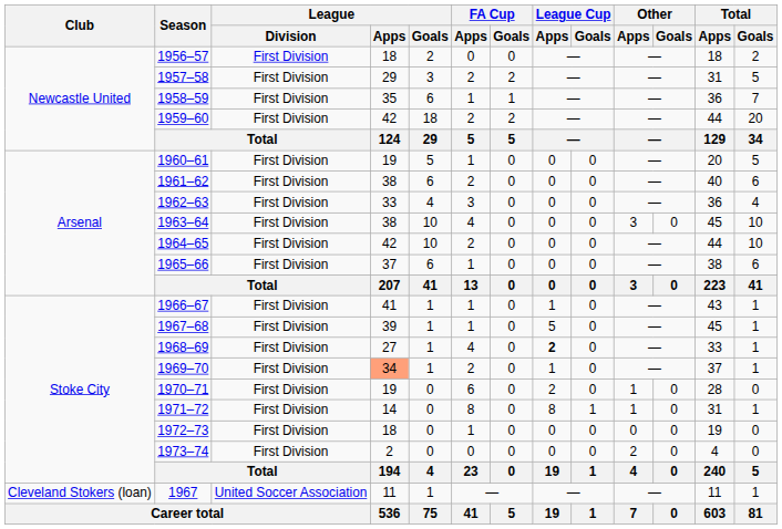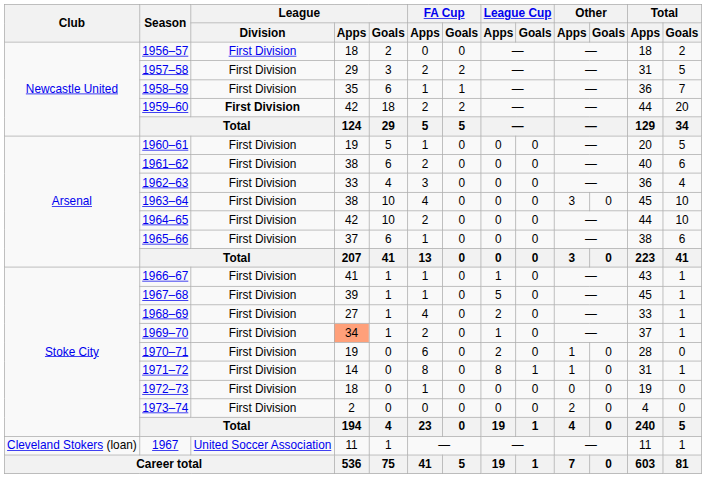 <table class="wikitable" style="text-align:center">
 <tr>
 <th rowspan="2">Club</th>
 <th rowspan="2">Season</th>
 <th colspan="3">League</th>
 <th colspan="2"><a href='#'>FA Cup</a></th>
 <th colspan="2"><a href='#'>League Cup</a></th>
 <th colspan="2">Other</th>
 <th colspan="2">Total</th>
 </tr>
 <tr>
 <th>Division</th>
 <th>Apps</th>
 <th>Goals</th>
 <th>Apps</th>
 <th>Goals</th>
 <th>Apps</th>
 <th>Goals</th>
 <th>Apps</th>
 <th>Goals</th>
 <th>Apps</th>
 <th>Goals</th>
 </tr>
 <tr>
 <td rowspan="5"><a href='#'>Newcastle United</a></td>
 <td><a href='#'>1956–57</a></td>
 <td><a href='#'>First Division</a></td>
 <td>18</td>
 <td>2</td>
 <td>0</td>
 <td>0</td>
 <td colspan="2">—</td>
 <td colspan="2">—</td>
 <td>18</td>
 <td>2</td>
 </tr>
 <tr>
 <td><a href='#'>1957–58</a></td>
 <td>First Division</td>
 <td>29</td>
 <td>3</td>
 <td>2</td>
 <td>2</td>
 <td colspan="2">—</td>
 <td colspan="2">—</td>
 <td>31</td>
 <td>5</td>
 </tr>
 <tr>
 <td><a href='#'>1958–59</a></td>
 <td>First Division</td>
 <td>35</td>
 <td>6</td>
 <td>1</td>
 <td>1</td>
 <td colspan="2">—</td>
 <td colspan="2">—</td>
 <td>36</td>
 <td>7</td>
 </tr>
 <tr>
 <td><a href='#'>1959–60</a></td>
-<td>First Division</td>
+<td><strong>First Division</strong></td>
 <td>42</td>
 <td>18</td>
 <td>2</td>
 <td>2</td>
 <td colspan="2">—</td>
 <td colspan="2">—</td>
 <td>44</td>
 <td>20</td>
 </tr>
 <tr>
 <th colspan="2">Total</th>
 <th>124</th>
 <th>29</th>
 <th>5</th>
 <th>5</th>
 <th colspan="2">—</th>
 <th colspan="2">—</th>
 <th>129</th>
 <th>34</th>
 </tr>
 <tr>
 <td rowspan="7"><a href='#'>Arsenal</a></td>
 <td><a href='#'>1960–61</a></td>
 <td>First Division</td>
 <td>19</td>
 <td>5</td>
 <td>1</td>
 <td>0</td>
 <td>0</td>
 <td>0</td>
 <td colspan="2">—</td>
 <td>20</td>
 <td>5</td>
 </tr>
 <tr>
 <td><a href='#'>1961–62</a></td>
 <td>First Division</td>
 <td>38</td>
 <td>6</td>
 <td>2</td>
 <td>0</td>
 <td>0</td>
 <td>0</td>
 <td colspan="2">—</td>
 <td>40</td>
 <td>6</td>
 </tr>
 <tr>
 <td><a href='#'>1962–63</a></td>
 <td>First Division</td>
 <td>33</td>
 <td>4</td>
 <td>3</td>
 <td>0</td>
 <td>0</td>
 <td>0</td>
 <td colspan="2">—</td>
 <td>36</td>
 <td>4</td>
 </tr>
 <tr>
 <td><a href='#'>1963–64</a></td>
 <td>First Division</td>
 <td>38</td>
 <td>10</td>
 <td>4</td>
 <td>0</td>
 <td>0</td>
 <td>0</td>
 <td>3</td>
 <td>0</td>
 <td>45</td>
 <td>10</td>
 </tr>
 <tr>
 <td><a href='#'>1964–65</a></td>
 <td>First Division</td>
 <td>42</td>
 <td>10</td>
 <td>2</td>
 <td>0</td>
 <td>0</td>
 <td>0</td>
 <td colspan="2">—</td>
 <td>44</td>
 <td>10</td>
 </tr>
 <tr>
 <td><a href='#'>1965–66</a></td>
 <td>First Division</td>
 <td>37</td>
 <td>6</td>
 <td>1</td>
 <td>0</td>
 <td>0</td>
 <td>0</td>
 <td colspan="2">—</td>
 <td>38</td>
 <td>6</td>
 </tr>
 <tr>
 <th colspan="2">Total</th>
 <th>207</th>
 <th>41</th>
 <th>13</th>
 <th>0</th>
 <th>0</th>
 <th>0</th>
 <th>3</th>
 <th>0</th>
 <th>223</th>
 <th>41</th>
 </tr>
 <tr>
 <td rowspan="9"><a href='#'>Stoke City</a></td>
 <td><a href='#'>1966–67</a></td>
 <td>First Division</td>
 <td>41</td>
 <td>1</td>
 <td>1</td>
 <td>0</td>
 <td>1</td>
 <td>0</td>
 <td colspan="2">—</td>
 <td>43</td>
 <td>1</td>
 </tr>
 <tr>
 <td><a href='#'>1967–68</a></td>
 <td>First Division</td>
 <td>39</td>
 <td>1</td>
 <td>1</td>
 <td>0</td>
 <td>5</td>
 <td>0</td>
 <td colspan="2">—</td>
 <td>45</td>
 <td>1</td>
 </tr>
 <tr>
 <td><a href='#'>1968–69</a></td>
 <td>First Division</td>
 <td>27</td>
 <td>1</td>
 <td>4</td>
 <td>0</td>
-<td><strong>2</strong></td>
+<td>2</td>
 <td>0</td>
 <td colspan="2">—</td>
 <td>33</td>
 <td>1</td>
 </tr>
 <tr>
 <td><a href='#'>1969–70</a></td>
 <td>First Division</td>
 <td style="background: lightsalmon;">34</td>
 <td>1</td>
 <td>2</td>
 <td>0</td>
 <td>1</td>
 <td>0</td>
 <td colspan="2">—</td>
 <td>37</td>
 <td>1</td>
 </tr>
 <tr>
 <td><a href='#'>1970–71</a></td>
 <td>First Division</td>
 <td>19</td>
 <td>0</td>
 <td>6</td>
 <td>0</td>
 <td>2</td>
 <td>0</td>
 <td>1</td>
 <td>0</td>
 <td>28</td>
 <td>0</td>
 </tr>
 <tr>
 <td><a href='#'>1971–72</a></td>
 <td>First Division</td>
 <td>14</td>
 <td>0</td>
 <td>8</td>
 <td>0</td>
 <td>8</td>
 <td>1</td>
 <td>1</td>
 <td>0</td>
 <td>31</td>
 <td>1</td>
 </tr>
 <tr>
 <td><a href='#'>1972–73</a></td>
 <td>First Division</td>
 <td>18</td>
 <td>0</td>
 <td>1</td>
 <td>0</td>
 <td>0</td>
 <td>0</td>
 <td>0</td>
 <td>0</td>
 <td>19</td>
 <td>0</td>
 </tr>
 <tr>
 <td><a href='#'>1973–74</a></td>
 <td>First Division</td>
 <td>2</td>
 <td>0</td>
 <td>0</td>
 <td>0</td>
 <td>0</td>
 <td>0</td>
 <td>2</td>
 <td>0</td>
 <td>4</td>
 <td>0</td>
 </tr>
 <tr>
 <th colspan="2">Total</th>
 <th>194</th>
 <th>4</th>
 <th>23</th>
 <th>0</th>
 <th>19</th>
 <th>1</th>
 <th>4</th>
 <th>0</th>
 <th>240</th>
 <th>5</th>
 </tr>
 <tr>
 <td><a href='#'>Cleveland Stokers</a> (loan)</td>
 <td><a href='#'>1967</a></td>
 <td><a href='#'>United Soccer Association</a></td>
 <td>11</td>
 <td>1</td>
 <td colspan="2">—</td>
 <td colspan="2">—</td>
 <td colspan="2">—</td>
 <td>11</td>
 <td>1</td>
 </tr>
 <tr>
 <th colspan="3">Career total</th>
 <th>536</th>
 <th>75</th>
 <th>41</th>
 <th>5</th>
 <th>19</th>
 <th>1</th>
 <th>7</th>
 <th>0</th>
 <th>603</th>
 <th>81</th>
 </tr>
 </table>
